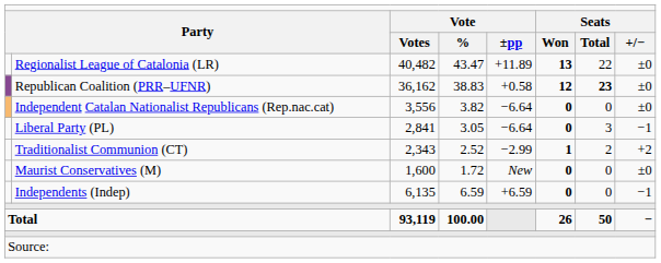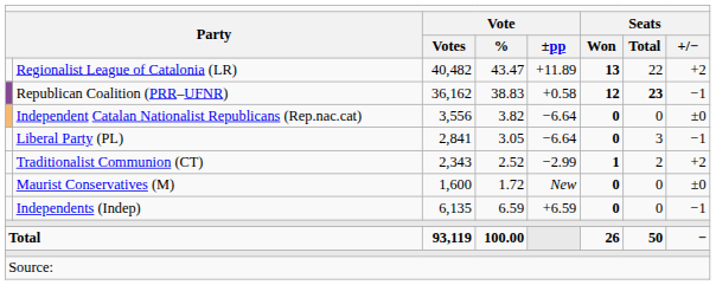 <table class='wikitable' style='text-align:right; font-size:100%;'>
 <tr>
 <td colspan='8'></td>
 </tr>
 <tr bgcolor='#E9E9E9' align='center'>
 <th align='left' rowspan='2' colspan='2' width='450'>Party</th>
 <th colspan='3'>Vote</th>
 <th colspan='3'>Seats</th>
 </tr>
 <tr bgcolor='#E9E9E9' align='center'>
 <th width='50'>Votes</th>
 <th width='50'>%</th>
 <th width='50'>±<a href='#'>pp</a></th>
 <th width='40'>Won</th>
 <th width='40'>Total</th>
 <th width='40'>+/−</th>
 </tr>
 <tr>
 <td></td>
 <td align='left'><a href='#'>Regionalist League of Catalonia</a> (LR)</td>
 <td>40,482</td>
 <td>43.47</td>
 <td>+11.89</td>
 <td><strong>13</strong></td>
 <td>22</td>
-<td>±0</td>
+<td>+2</td>
 </tr>
 <tr>
 <td bgcolor='#864891'></td>
 <td align='left'>Republican Coalition (<a href='#'>PRR</a>–<a href='#'>UFNR</a>)</td>
 <td>36,162</td>
 <td>38.83</td>
 <td>+0.58</td>
 <td><strong>12</strong></td>
 <td><strong>23</strong></td>
-<td>±0</td>
+<td>−1</td>
 </tr>
 <tr>
 <td bgcolor='#F7B96F'></td>
 <td align='left'><a href='#'>Independent</a> <a href='#'>Catalan Nationalist Republicans</a> (Rep.nac.cat)</td>
 <td>3,556</td>
 <td>3.82</td>
 <td>−6.64</td>
 <td><strong>0</strong></td>
 <td>0</td>
 <td>±0</td>
 </tr>
 <tr>
 <td></td>
 <td align='left'><a href='#'>Liberal Party</a> (PL)</td>
 <td>2,841</td>
 <td>3.05</td>
 <td>−6.64</td>
 <td><strong>0</strong></td>
 <td>3</td>
 <td>−1</td>
 </tr>
 <tr>
 <td></td>
 <td align='left'><a href='#'>Traditionalist Communion</a> (CT)</td>
 <td>2,343</td>
 <td>2.52</td>
 <td>−2.99</td>
 <td><strong>1</strong></td>
 <td>2</td>
 <td>+2</td>
 </tr>
 <tr>
 <td></td>
 <td align='left'><a href='#'>Maurist Conservatives</a> (M)</td>
 <td>1,600</td>
 <td>1.72</td>
 <td><em>New</em></td>
 <td><strong>0</strong></td>
 <td>0</td>
 <td>±0</td>
 </tr>
 <tr>
 <td width='1'></td>
 <td align='left'><a href='#'>Independents</a> (Indep)</td>
 <td>6,135</td>
 <td>6.59</td>
 <td>+6.59</td>
 <td><strong>0</strong></td>
 <td>0</td>
 <td>−1</td>
 </tr>
 <tr>
 <td colspan='8' bgcolor='#E9E9E9'></td>
 </tr>
 <tr style='font-weight:bold;'>
 <td align='left' colspan='2'>Total</td>
 <td>93,119</td>
 <td>100.00</td>
 <td bgcolor='#E9E9E9'></td>
 <td>26</td>
 <td>50</td>
 <td>−</td>
 </tr>
 <tr>
 <td colspan='8' bgcolor='#E9E9E9'></td>
 </tr>
 <tr>
 <td align='left' colspan='8'>Source:</td>
 </tr>
 </table>
